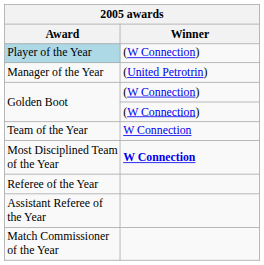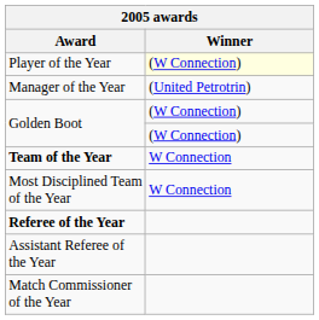 <table class="collapsible wikitable collapsed" width=50%; style="font-size:90%;">
 <tr>
 <th colspan="4">2005 awards</th>
 </tr>
 <tr>
 <th width=20%>Award</th>
 <th width=30%>Winner</th>
 </tr>
 <tr>
-<td style="background: lightblue;">Player of the Year</td>
-<td>  (<a href='#'>W Connection</a>)</td>
+<td>Player of the Year</td>
+<td style="background: lightyellow;">  (<a href='#'>W Connection</a>)</td>
 </tr>
 <tr>
 <td>Manager of the Year</td>
 <td>  (<a href='#'>United Petrotrin</a>)</td>
 </tr>
 <tr>
 <td rowspan="2">Golden Boot</td>
 <td>  (<a href='#'>W Connection</a>)</td>
 </tr>
 <tr>
 <td>  (<a href='#'>W Connection</a>)</td>
 </tr>
 <tr>
-<td>Team of the Year</td>
+<td><strong>Team of the Year</strong></td>
 <td><a href='#'>W Connection</a></td>
 </tr>
 <tr>
 <td>Most Disciplined Team of the Year</td>
-<td><strong><a href='#'>W Connection</a></strong></td>
+<td><a href='#'>W Connection</a></td>
 </tr>
 <tr>
-<td>Referee of the Year</td>
+<td><strong>Referee of the Year</strong></td>
 <td></td>
 </tr>
 <tr>
 <td>Assistant Referee of the Year</td>
 <td></td>
 </tr>
 <tr>
 <td>Match Commissioner of the Year</td>
 <td></td>
 </tr>
 </table>
